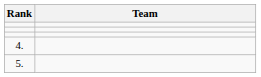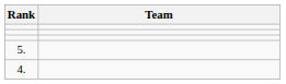 <table class="wikitable" style="font-size:95%;">
 <tr>
 <th>Rank</th>
 <th align="left" style="width: 20em">Team</th>
 </tr>
 <tr>
 <td align="center"></td>
 <td></td>
 </tr>
 <tr>
 <td align="center"></td>
 <td></td>
 </tr>
 <tr>
 <td align="center"></td>
 <td></td>
 </tr>
 <tr>
+<td rowspan=1 align="center">5.</td>
+<td></td>
+</tr>
+<tr>
 <td rowspan=1 align="center">4.</td>
 <td></td>
 </tr>
-<tr>
-<td rowspan=1 align="center">5.</td>
-<td></td>
-</tr>
 </table>
